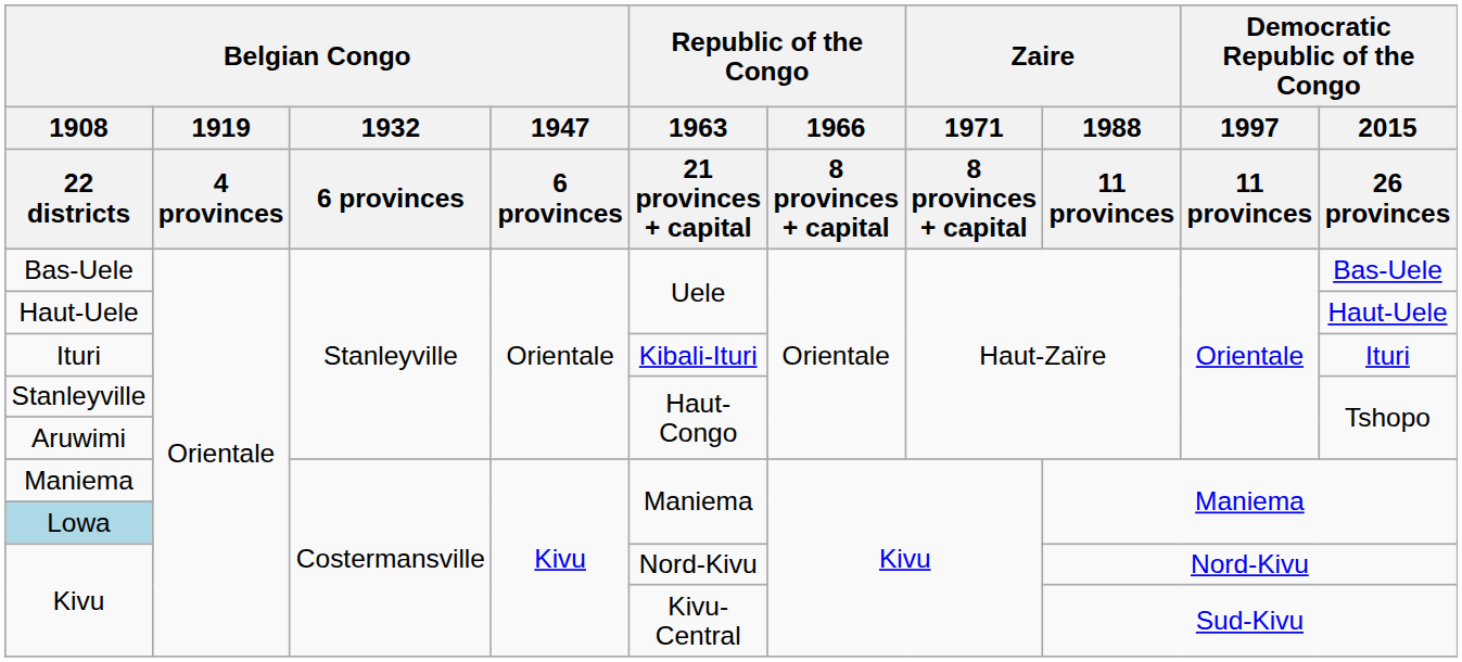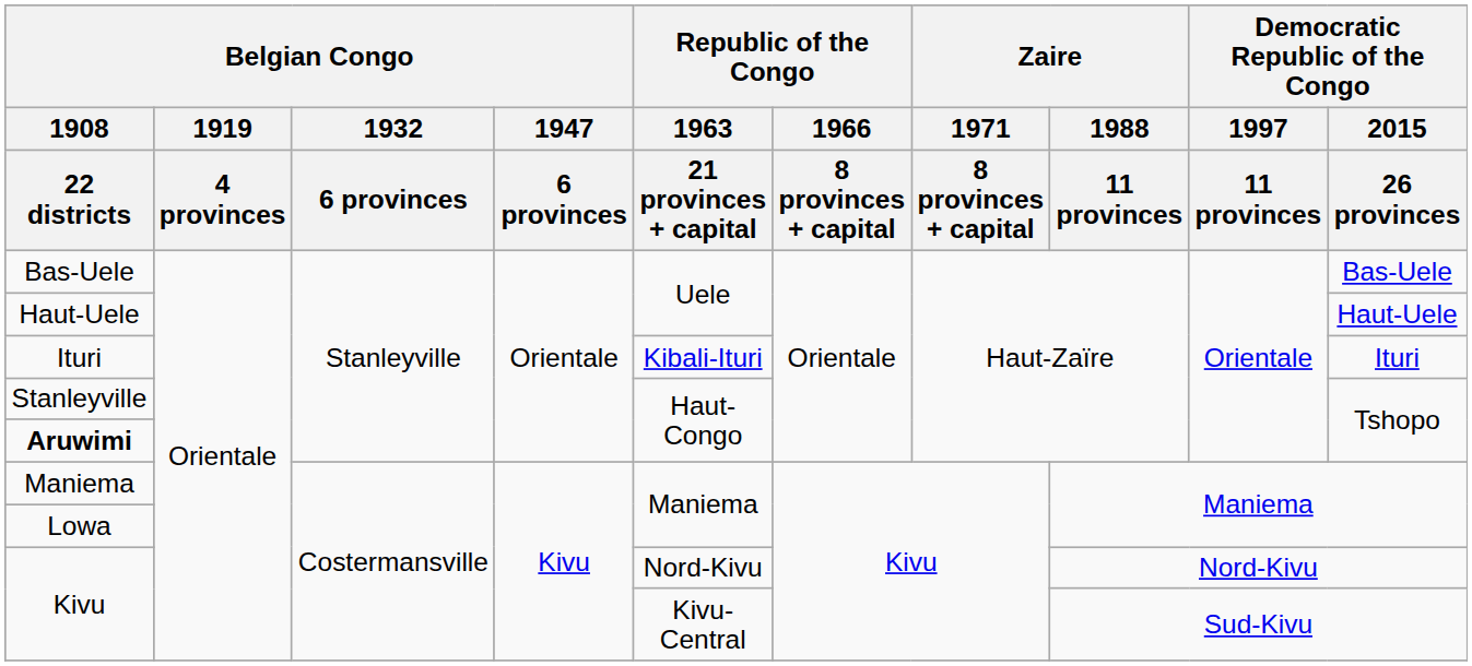 <table class="wikitable" style="font-size:90%; text-align:center">
 <tr>
 <th colspan=4>Belgian Congo</th>
 <th colspan=2>Republic of the Congo</th>
 <th colspan=2>Zaire</th>
 <th colspan=2>Democratic Republic of the Congo</th>
 </tr>
 <tr>
 <th>1908</th>
 <th>1919</th>
 <th>1932</th>
 <th>1947</th>
 <th>1963</th>
 <th>1966</th>
 <th>1971</th>
 <th>1988</th>
 <th>1997</th>
 <th>2015</th>
 </tr>
 <tr>
 <th>22 districts</th>
 <th>4 provinces</th>
 <th>6 provinces</th>
 <th>6 provinces</th>
 <th>21 provinces + capital</th>
 <th>8 provinces + capital</th>
 <th>8 provinces + capital</th>
 <th>11 provinces</th>
 <th>11 provinces</th>
 <th>26 provinces</th>
 </tr>
 <tr>
 <td>Bas-Uele</td>
 <td rowspan=9>Orientale</td>
 <td rowspan=5>Stanleyville</td>
 <td rowspan=5>Orientale</td>
 <td rowspan=2>Uele</td>
 <td rowspan=5>Orientale</td>
 <td rowspan=5 colspan=2>Haut-Zaïre</td>
 <td rowspan=5><a href='#'>Orientale</a></td>
 <td><a href='#'>Bas-Uele</a></td>
 </tr>
 <tr>
 <td>Haut-Uele</td>
 <td><a href='#'>Haut-Uele</a></td>
 </tr>
 <tr>
 <td>Ituri</td>
 <td><a href='#'>Kibali-Ituri</a></td>
 <td><a href='#'>Ituri</a></td>
 </tr>
 <tr>
 <td>Stanleyville</td>
 <td rowspan=2>Haut-Congo</td>
 <td rowspan=2>Tshopo</td>
 </tr>
 <tr>
-<td>Aruwimi</td>
+<td><strong>Aruwimi</strong></td>
 </tr>
 <tr>
 <td>Maniema</td>
 <td rowspan=4>Costermansville</td>
 <td rowspan=4><a href='#'>Kivu</a></td>
 <td rowspan=2>Maniema</td>
 <td rowspan=4 colspan=2><a href='#'>Kivu</a></td>
 <td rowspan=2 colspan=3><a href='#'>Maniema</a></td>
 </tr>
 <tr>
-<td style="background: lightblue;">Lowa</td>
+<td>Lowa</td>
 </tr>
 <tr>
 <td rowspan=2>Kivu</td>
 <td>Nord-Kivu</td>
 <td colspan=3><a href='#'>Nord-Kivu</a></td>
 </tr>
 <tr>
 <td>Kivu-Central</td>
 <td colspan=3><a href='#'>Sud-Kivu</a></td>
 </tr>
 </table>
